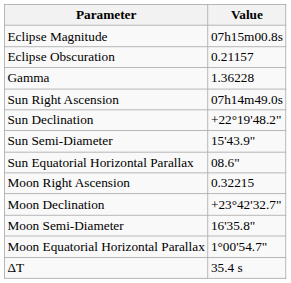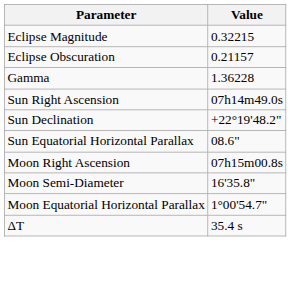 <table class="wikitable">
 <tr>
 <th>Parameter</th>
 <th>Value</th>
 </tr>
 <tr>
 <td>Eclipse Magnitude</td>
-<td>07h15m00.8s</td>
+<td>0.32215</td>
 </tr>
 <tr>
 <td>Eclipse Obscuration</td>
 <td>0.21157</td>
 </tr>
 <tr>
 <td>Gamma</td>
 <td>1.36228</td>
 </tr>
 <tr>
 <td>Sun Right Ascension</td>
 <td>07h14m49.0s</td>
 </tr>
 <tr>
 <td>Sun Declination</td>
 <td>+22°19'48.2"</td>
 </tr>
 <tr>
-<td>Sun Semi-Diameter</td>
-<td>15'43.9"</td>
-</tr>
-<tr>
 <td>Sun Equatorial Horizontal Parallax</td>
 <td>08.6"</td>
 </tr>
 <tr>
 <td>Moon Right Ascension</td>
-<td>0.32215</td>
-</tr>
-<tr>
-<td>Moon Declination</td>
-<td>+23°42'32.7"</td>
+<td>07h15m00.8s</td>
 </tr>
 <tr>
 <td>Moon Semi-Diameter</td>
 <td>16'35.8"</td>
 </tr>
 <tr>
 <td>Moon Equatorial Horizontal Parallax</td>
 <td>1°00'54.7"</td>
 </tr>
 <tr>
 <td>ΔT</td>
 <td>35.4 s</td>
 </tr>
 </table>
